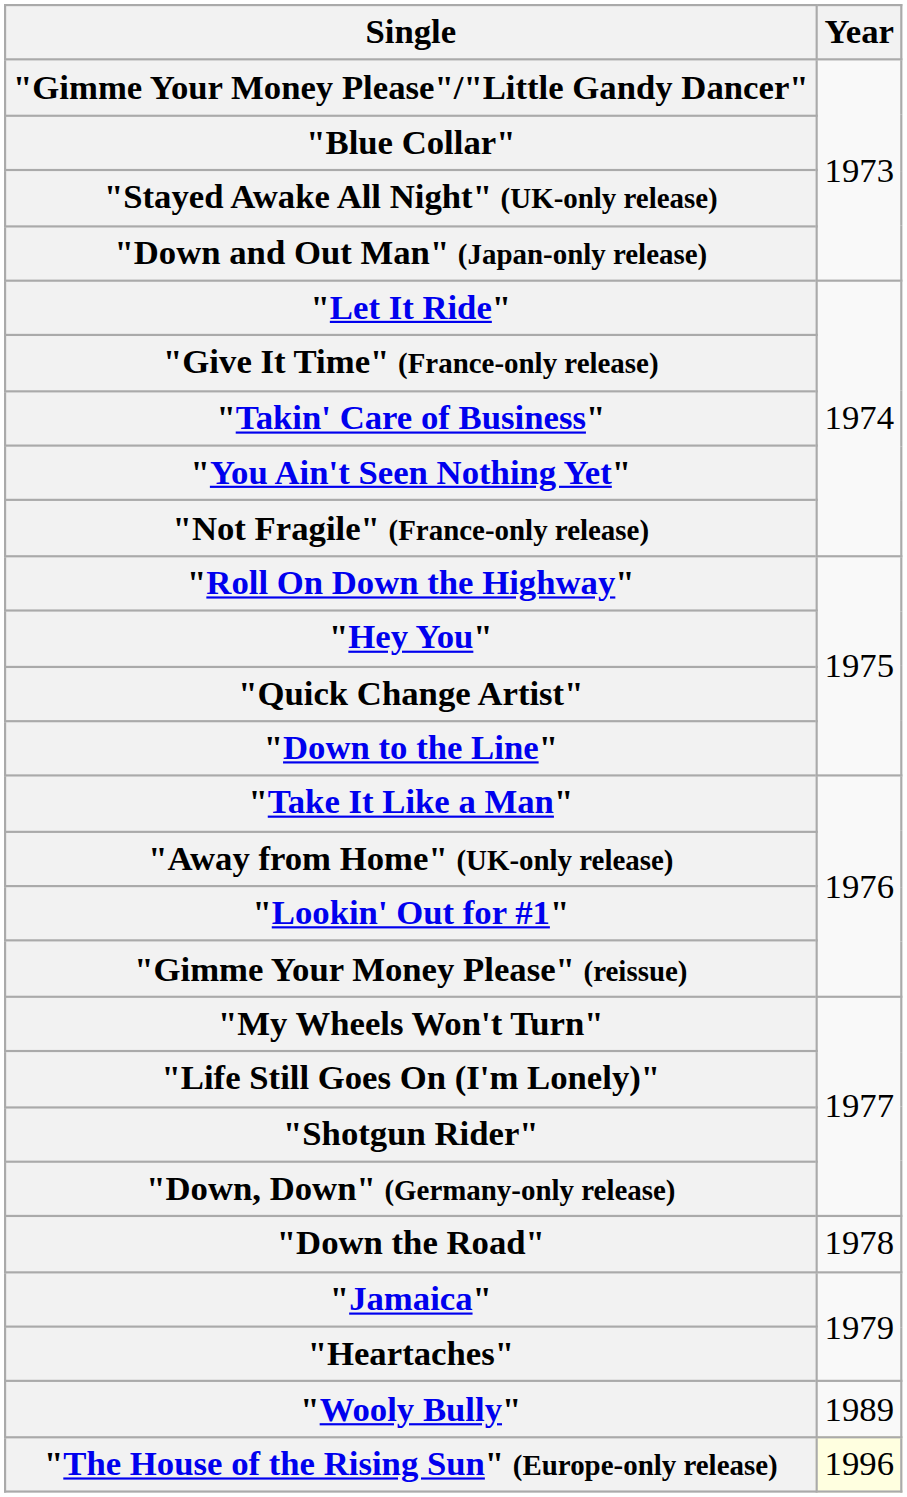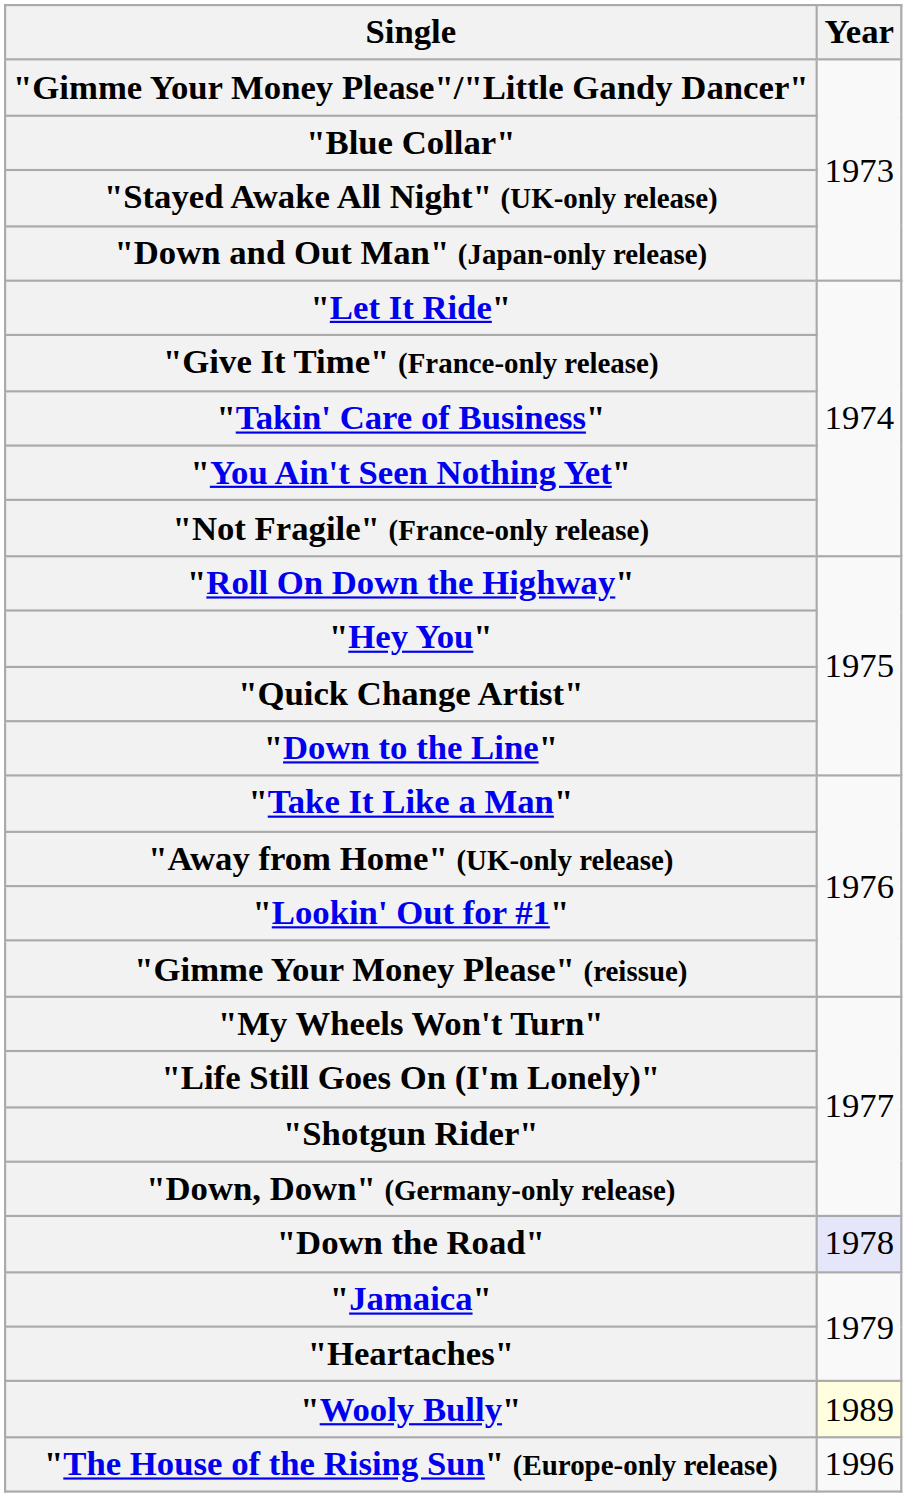 <table class="wikitable">
 <tr>
 <th>Single</th>
 <th>Year</th>
 </tr>
 <tr>
 <th>"Gimme Your Money Please"/"Little Gandy Dancer"</th>
 <td rowspan="4">1973</td>
 </tr>
 <tr>
 <th>"Blue Collar"</th>
 </tr>
 <tr>
 <th>"Stayed Awake All Night" <small>(UK-only release)</small></th>
 </tr>
 <tr>
 <th>"Down and Out Man" <small>(Japan-only release)</small></th>
 </tr>
 <tr>
 <th>"<a href='#'>Let It Ride</a>"</th>
 <td rowspan="5">1974</td>
 </tr>
 <tr>
 <th>"Give It Time" <small>(France-only release)</small></th>
 </tr>
 <tr>
 <th>"<a href='#'>Takin' Care of Business</a>"</th>
 </tr>
 <tr>
 <th>"<a href='#'>You Ain't Seen Nothing Yet</a>"</th>
 </tr>
 <tr>
 <th>"Not Fragile" <small>(France-only release)</small></th>
 </tr>
 <tr>
 <th>"<a href='#'>Roll On Down the Highway</a>"</th>
 <td rowspan="4">1975</td>
 </tr>
 <tr>
 <th>"<a href='#'>Hey You</a>"</th>
 </tr>
 <tr>
 <th>"Quick Change Artist"</th>
 </tr>
 <tr>
 <th>"<a href='#'>Down to the Line</a>"</th>
 </tr>
 <tr>
 <th>"<a href='#'>Take It Like a Man</a>"</th>
 <td rowspan="4">1976</td>
 </tr>
 <tr>
 <th>"Away from Home" <small>(UK-only release)</small></th>
 </tr>
 <tr>
 <th>"<a href='#'>Lookin' Out for #1</a>"</th>
 </tr>
 <tr>
 <th>"Gimme Your Money Please" <small>(reissue)</small></th>
 </tr>
 <tr>
 <th>"My Wheels Won't Turn"</th>
 <td rowspan="4">1977</td>
 </tr>
 <tr>
 <th>"Life Still Goes On (I'm Lonely)"</th>
 </tr>
 <tr>
 <th>"Shotgun Rider"</th>
 </tr>
 <tr>
 <th>"Down, Down" <small>(Germany-only release)</small></th>
 </tr>
 <tr>
 <th>"Down the Road"</th>
-<td>1978</td>
+<td style="background: lavender;">1978</td>
 </tr>
 <tr>
 <th>"<a href='#'>Jamaica</a>"</th>
 <td rowspan="2">1979</td>
 </tr>
 <tr>
 <th>"Heartaches"</th>
 </tr>
 <tr>
 <th>"<a href='#'>Wooly Bully</a>"</th>
-<td rowspan="1">1989</td>
+<td rowspan="1" style="background: lightyellow;">1989</td>
 </tr>
 <tr>
 <th>"<a href='#'>The House of the Rising Sun</a>" <small>(Europe-only release)</small></th>
-<td style="background: lightyellow;">1996</td>
+<td>1996</td>
 </tr>
 </table>
